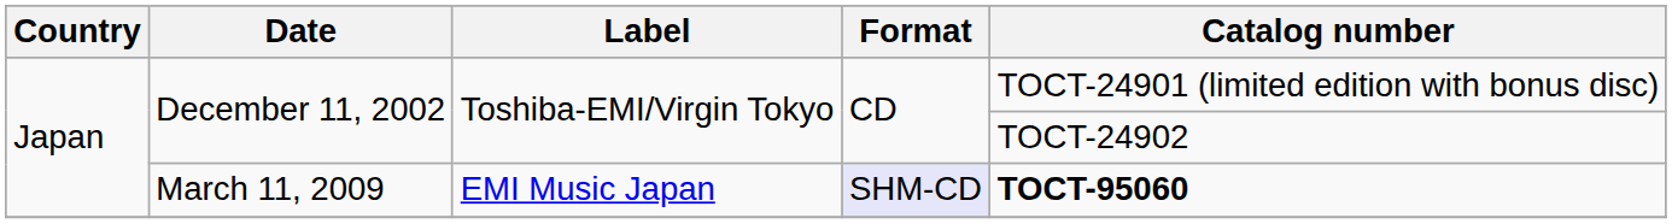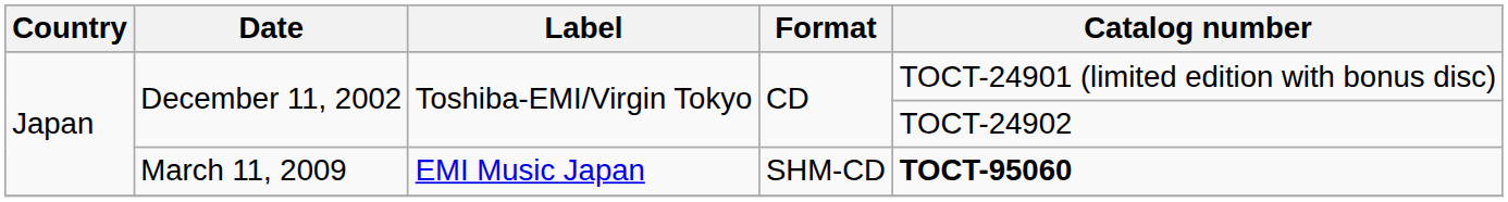 <table class="wikitable">
 <tr>
 <th>Country</th>
 <th>Date</th>
 <th>Label</th>
 <th>Format</th>
 <th>Catalog number</th>
 </tr>
 <tr>
 <td rowspan="3">Japan</td>
 <td rowspan="2">December 11, 2002</td>
 <td rowspan="2">Toshiba-EMI/Virgin Tokyo</td>
 <td rowspan="2">CD</td>
 <td>TOCT-24901 (limited edition with bonus disc)</td>
 </tr>
 <tr>
 <td>TOCT-24902</td>
 </tr>
 <tr>
 <td>March 11, 2009</td>
 <td><a href='#'>EMI Music Japan</a></td>
-<td style="background: lavender;">SHM-CD</td>
+<td>SHM-CD</td>
 <td><strong>TOCT-95060</strong></td>
 </tr>
 <tr>
 </tr>
 </table>
